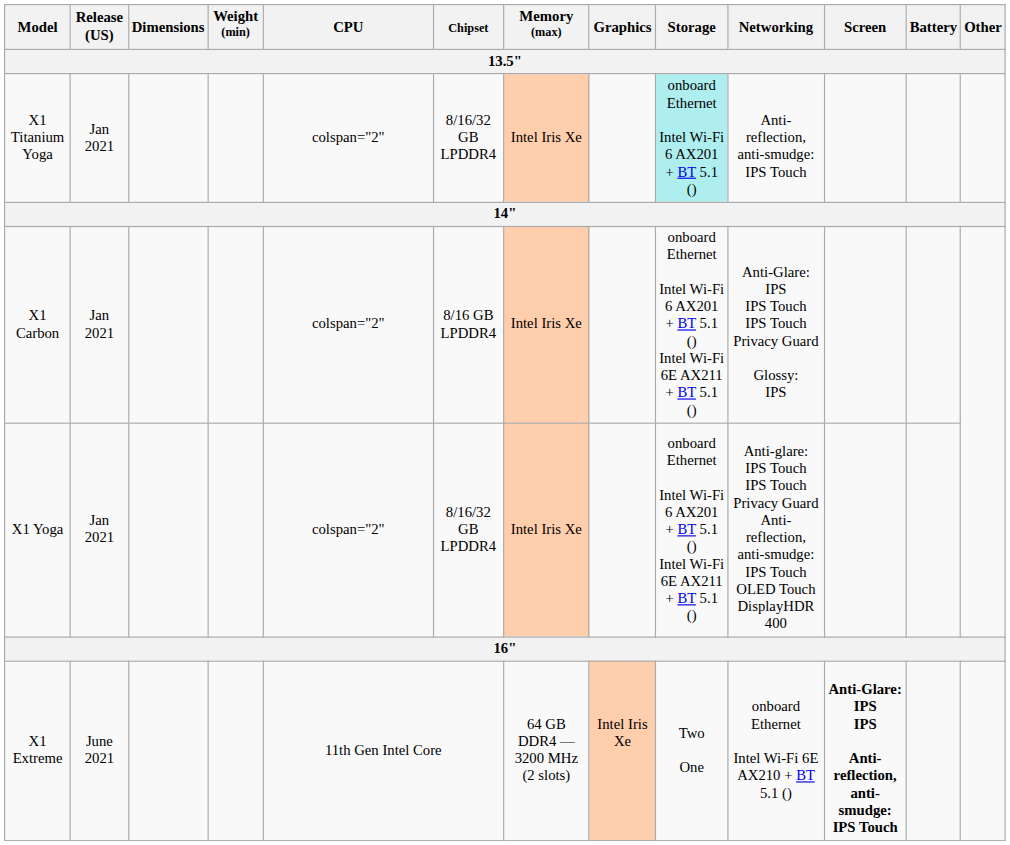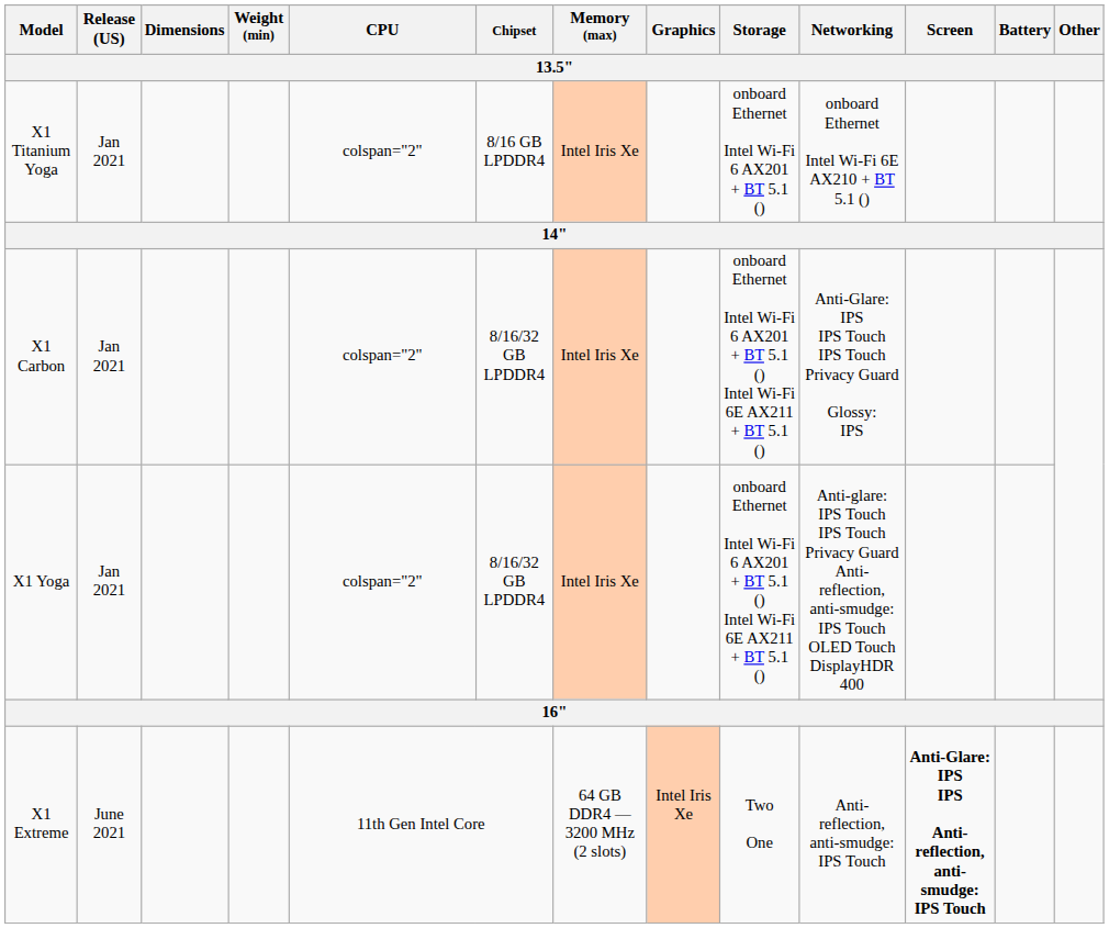 <table class="wikitable" style="font-size: 80%; text-align: center; min-width: 80%;">
 <tr>
 <th>Model</th>
 <th>Release (US)</th>
 <th>Dimensions</th>
 <th>Weight <sup>(min)</sup></th>
 <th style="width:17%">CPU</th>
 <th><small>Chipset</small></th>
 <th>Memory <sup>(max)</sup></th>
 <th>Graphics</th>
 <th>Storage</th>
 <th>Networking</th>
 <th>Screen</th>
 <th>Battery</th>
 <th>Other</th>
 </tr>
 <tr>
 <th colspan=13>13.5"</th>
 </tr>
 <tr>
 <td>X1 Titanium Yoga  </td>
 <td>Jan 2021</td>
 <td></td>
 <td></td>
 <td>colspan="2" </td>
-<td style="background:">8/16/32 GB LPDDR4  <br></td>
+<td style="background:">8/16 GB LPDDR4  <br></td>
 <td style="background:#ffcead;">Intel Iris Xe</td>
 <td></td>
-<td style="background: paleturquoise;"> onboard Ethernet<br><br>Intel Wi-Fi 6 AX201 + <a href='#'>BT</a> 5.1 ()<br><small></small></td>
-<td style="background:"><br>Anti-reflection, anti-smudge: <br>  IPS Touch</td>
+<td> onboard Ethernet<br><br>Intel Wi-Fi 6 AX201 + <a href='#'>BT</a> 5.1 ()<br><small></small></td>
+<td> onboard Ethernet<br><br>Intel Wi-Fi 6E AX210 + <a href='#'>BT</a> 5.1 ()<br><small></small></td>
 <td></td>
 <td></td>
 </tr>
 <tr>
 <th colspan=13>14"</th>
 </tr>
 <tr>
 <td>X1 Carbon  </td>
 <td>Jan 2021</td>
 <td></td>
 <td></td>
 <td>colspan="2" </td>
-<td style="background:">8/16 GB LPDDR4  <br></td>
+<td style="background:">8/16/32 GB LPDDR4  <br></td>
 <td style="background:#ffcead;">Intel Iris Xe</td>
 <td></td>
 <td> onboard Ethernet<br><br>Intel Wi-Fi 6 AX201 + <a href='#'>BT</a> 5.1 ()<br>Intel Wi-Fi 6E AX211 + <a href='#'>BT</a> 5.1 ()<br><small></small></td>
 <td style="background:"><br>Anti-Glare: <br>  IPS<br>  IPS Touch<br>  IPS Touch Privacy Guard<br> <br>Glossy: <br>  IPS</td>
 <td></td>
 <td></td>
 </tr>
 <tr>
 <td>X1 Yoga  </td>
 <td>Jan 2021</td>
 <td></td>
 <td></td>
 <td>colspan="2" </td>
 <td style="background:">8/16/32 GB LPDDR4  <br></td>
 <td style="background:#ffcead;">Intel Iris Xe</td>
 <td></td>
 <td> onboard Ethernet<br><br>Intel Wi-Fi 6 AX201 + <a href='#'>BT</a> 5.1 ()<br>Intel Wi-Fi 6E AX211 + <a href='#'>BT</a> 5.1 ()<br><small></small></td>
 <td style="background:"><br>Anti-glare: <br>  IPS Touch<br>  IPS Touch Privacy Guard<br>Anti-reflection, anti-smudge: <br>  IPS Touch<br>  OLED Touch DisplayHDR 400</td>
 <td></td>
 <td></td>
 </tr>
 <tr>
 <th colspan=13>16"</th>
 </tr>
 <tr>
 <td>X1 Extreme  </td>
 <td>June 2021</td>
 <td></td>
 <td></td>
 <td colspan="2" style="background:">11th Gen Intel Core</td>
 <td style="background:">64 GB DDR4 — 3200 MHz (2 slots)</td>
 <td style="background:#ffcead;">Intel Iris Xe<br><br><br></td>
 <td>Two <br><br>One <br></td>
-<td> onboard Ethernet<br><br>Intel Wi-Fi 6E AX210 + <a href='#'>BT</a> 5.1 ()<br><small></small></td>
+<td style="background:"><br>Anti-reflection, anti-smudge: <br>  IPS Touch</td>
 <td style="background:"><strong><br>Anti-Glare: <br>  IPS<br>  IPS<br> <br>Anti-reflection, anti-smudge: <br>  IPS Touch</strong></td>
 <td></td>
 <td></td>
 </tr>
 </table>
